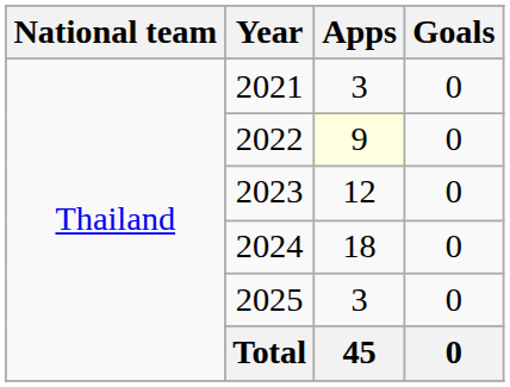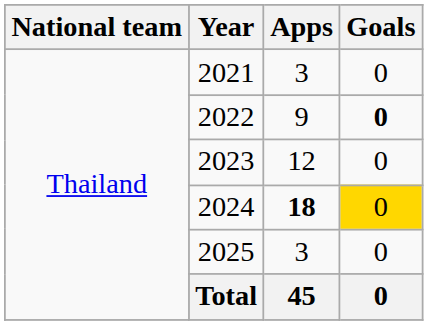 <table class="wikitable" style="text-align:center">
 <tr>
 <th>National team</th>
 <th>Year</th>
 <th>Apps</th>
 <th>Goals</th>
 </tr>
 <tr>
 <td rowspan="7" valign="center"><a href='#'>Thailand</a></td>
 <td>2021</td>
 <td>3</td>
 <td>0</td>
 </tr>
 <tr>
 <td>2022</td>
-<td style="background: lightyellow;">9</td>
-<td>0</td>
+<td>9</td>
+<td><strong>0</strong></td>
 </tr>
 <tr>
 <td>2023</td>
 <td>12</td>
 <td>0</td>
 </tr>
 <tr>
 <td>2024</td>
-<td>18</td>
-<td>0</td>
+<td><strong>18</strong></td>
+<td style="background: gold;">0</td>
 </tr>
 <tr>
 <td>2025</td>
 <td>3</td>
 <td>0</td>
 </tr>
 <tr>
 <th>Total</th>
 <th>45</th>
 <th>0</th>
 </tr>
 </table>
